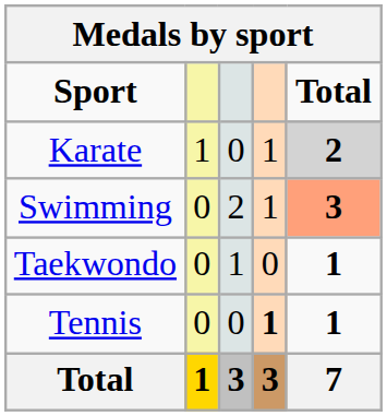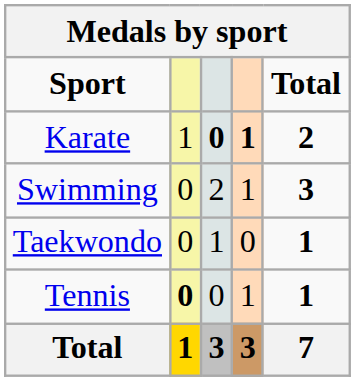 <table class="wikitable" style="font-size:85%">
 <tr style="background:#efefef;">
 <th colspan=7><strong>Medals by sport</strong></th>
 </tr>
 <tr align=center>
 <td><strong>Sport</strong></td>
 <td bgcolor=#f7f6a8></td>
 <td bgcolor=#dce5e5></td>
 <td bgcolor=#ffdab9></td>
 <td><strong>Total</strong></td>
 </tr>
 <tr align=center>
 <td><a href='#'>Karate</a></td>
 <td style="background:#F7F6A8;">1</td>
-<td style="background:#DCE5E5;">0</td>
-<td style="background:#FFDAB9;">1</td>
-<td style="background: lightgrey;"><strong>2</strong></td>
+<td style="background:#DCE5E5;"><strong>0</strong></td>
+<td style="background:#FFDAB9;"><strong>1</strong></td>
+<td><strong>2</strong></td>
 </tr>
 <tr align=center>
 <td><a href='#'>Swimming</a></td>
 <td style="background:#F7F6A8;">0</td>
 <td style="background:#DCE5E5;">2</td>
 <td style="background:#FFDAB9;">1</td>
-<td style="background: lightsalmon;"><strong>3</strong></td>
+<td><strong>3</strong></td>
 </tr>
 <tr align=center>
 <td><a href='#'>Taekwondo</a></td>
 <td style="background:#F7F6A8;">0</td>
 <td style="background:#DCE5E5;">1</td>
 <td style="background:#FFDAB9;">0</td>
 <td><strong>1</strong></td>
 </tr>
 <tr align=center>
 <td><a href='#'>Tennis</a></td>
-<td style="background:#F7F6A8;">0</td>
+<td style="background:#F7F6A8;"><strong>0</strong></td>
 <td style="background:#DCE5E5;">0</td>
-<td style="background:#FFDAB9;"><strong>1</strong></td>
+<td style="background:#FFDAB9;">1</td>
 <td><strong>1</strong></td>
 </tr>
 <tr align=center>
 <th><strong>Total</strong></th>
 <th style="background:gold;"><strong>1</strong></th>
 <th style="background:silver;"><strong>3</strong></th>
 <th style="background:#c96;"><strong>3</strong></th>
 <th><strong>7</strong></th>
 </tr>
 </table>
